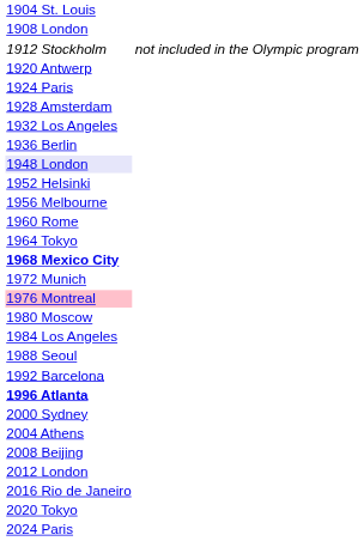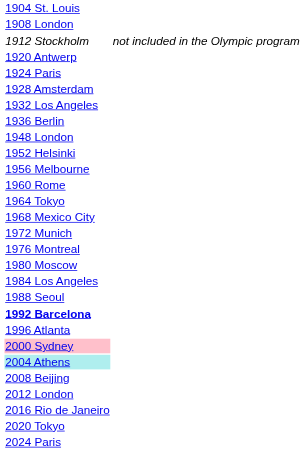 <table>
 <tr>
 <td><a href='#'>1904 St. Louis</a><br></td>
 <td></td>
 <td></td>
 <td></td>
 </tr>
 <tr>
 <td><a href='#'>1908 London</a><br></td>
 <td></td>
 <td></td>
 <td></td>
 </tr>
 <tr>
 <td><em>1912 Stockholm</em></td>
 <td colspan="3" align="center"><em>not included in the Olympic program</em></td>
 </tr>
 <tr>
 <td rowspan="2"><a href='#'>1920 Antwerp</a><br></td>
 <td rowspan="2"></td>
 <td rowspan="2"></td>
 <td></td>
 </tr>
 <tr>
 <td></td>
 </tr>
 <tr>
 <td><a href='#'>1924 Paris</a><br></td>
 <td></td>
 <td></td>
 <td></td>
 </tr>
 <tr>
 <td><a href='#'>1928 Amsterdam</a><br></td>
 <td></td>
 <td></td>
 <td></td>
 </tr>
 <tr>
 <td><a href='#'>1932 Los Angeles</a><br></td>
 <td></td>
 <td></td>
 <td></td>
 </tr>
 <tr>
 <td><a href='#'>1936 Berlin</a><br></td>
 <td></td>
 <td></td>
 <td></td>
 </tr>
 <tr>
-<td style="background: lavender;"><a href='#'>1948 London</a><br></td>
+<td><a href='#'>1948 London</a><br></td>
 <td></td>
 <td></td>
 <td></td>
 </tr>
 <tr>
 <td><a href='#'>1952 Helsinki</a><br></td>
 <td></td>
 <td></td>
 <td></td>
 </tr>
 <tr>
 <td><a href='#'>1956 Melbourne</a><br></td>
 <td></td>
 <td></td>
 <td></td>
 </tr>
 <tr>
 <td><a href='#'>1960 Rome</a><br></td>
 <td></td>
 <td></td>
 <td></td>
 </tr>
 <tr>
 <td><a href='#'>1964 Tokyo</a><br></td>
 <td></td>
 <td></td>
 <td></td>
 </tr>
 <tr>
-<td><strong><a href='#'>1968 Mexico City</a><br></strong></td>
+<td><a href='#'>1968 Mexico City</a><br></td>
 <td></td>
 <td></td>
 <td></td>
 </tr>
 <tr>
 <td><a href='#'>1972 Munich</a><br></td>
 <td></td>
 <td></td>
 <td></td>
 </tr>
 <tr>
-<td style="background: pink;"><a href='#'>1976 Montreal</a><br></td>
+<td><a href='#'>1976 Montreal</a><br></td>
 <td></td>
 <td></td>
 <td></td>
 </tr>
 <tr>
 <td><a href='#'>1980 Moscow</a><br></td>
 <td></td>
 <td></td>
 <td></td>
 </tr>
 <tr>
 <td><a href='#'>1984 Los Angeles</a><br></td>
 <td></td>
 <td></td>
 <td></td>
 </tr>
 <tr>
 <td><a href='#'>1988 Seoul</a><br></td>
 <td></td>
 <td></td>
 <td></td>
 </tr>
 <tr>
-<td><a href='#'>1992 Barcelona</a><br></td>
+<td><strong><a href='#'>1992 Barcelona</a><br></strong></td>
 <td></td>
 <td></td>
 <td></td>
 </tr>
 <tr>
-<td><strong><a href='#'>1996 Atlanta</a><br></strong></td>
+<td><a href='#'>1996 Atlanta</a><br></td>
 <td></td>
 <td></td>
 <td></td>
 </tr>
 <tr>
-<td><a href='#'>2000 Sydney</a><br></td>
+<td style="background: pink;"><a href='#'>2000 Sydney</a><br></td>
 <td></td>
 <td></td>
 <td></td>
 </tr>
 <tr>
-<td><a href='#'>2004 Athens</a><br></td>
+<td style="background: paleturquoise;"><a href='#'>2004 Athens</a><br></td>
 <td></td>
 <td></td>
 <td></td>
 </tr>
 <tr>
 <td rowspan="2"><a href='#'>2008 Beijing</a><br></td>
 <td rowspan="2"></td>
 <td rowspan="2"></td>
 <td></td>
 </tr>
 <tr>
 <td></td>
 </tr>
 <tr>
 <td rowspan="2"><a href='#'>2012 London</a><br></td>
 <td rowspan="2"></td>
 <td rowspan="2"></td>
 <td></td>
 </tr>
 <tr>
 <td></td>
 </tr>
 <tr>
 <td rowspan="2"><a href='#'>2016 Rio de Janeiro</a><br></td>
 <td rowspan="2"></td>
 <td rowspan="2"></td>
 <td></td>
 </tr>
 <tr>
 <td></td>
 </tr>
 <tr>
 <td rowspan="2"><a href='#'>2020 Tokyo</a><br></td>
 <td rowspan="2"></td>
 <td rowspan="2"></td>
 <td></td>
 </tr>
 <tr>
 <td></td>
 </tr>
 <tr>
 <td rowspan="2"><a href='#'>2024 Paris</a> <br></td>
 <td rowspan=2></td>
 <td rowspan=2></td>
 <td></td>
 </tr>
 <tr>
 <td></td>
 </tr>
 </table>
